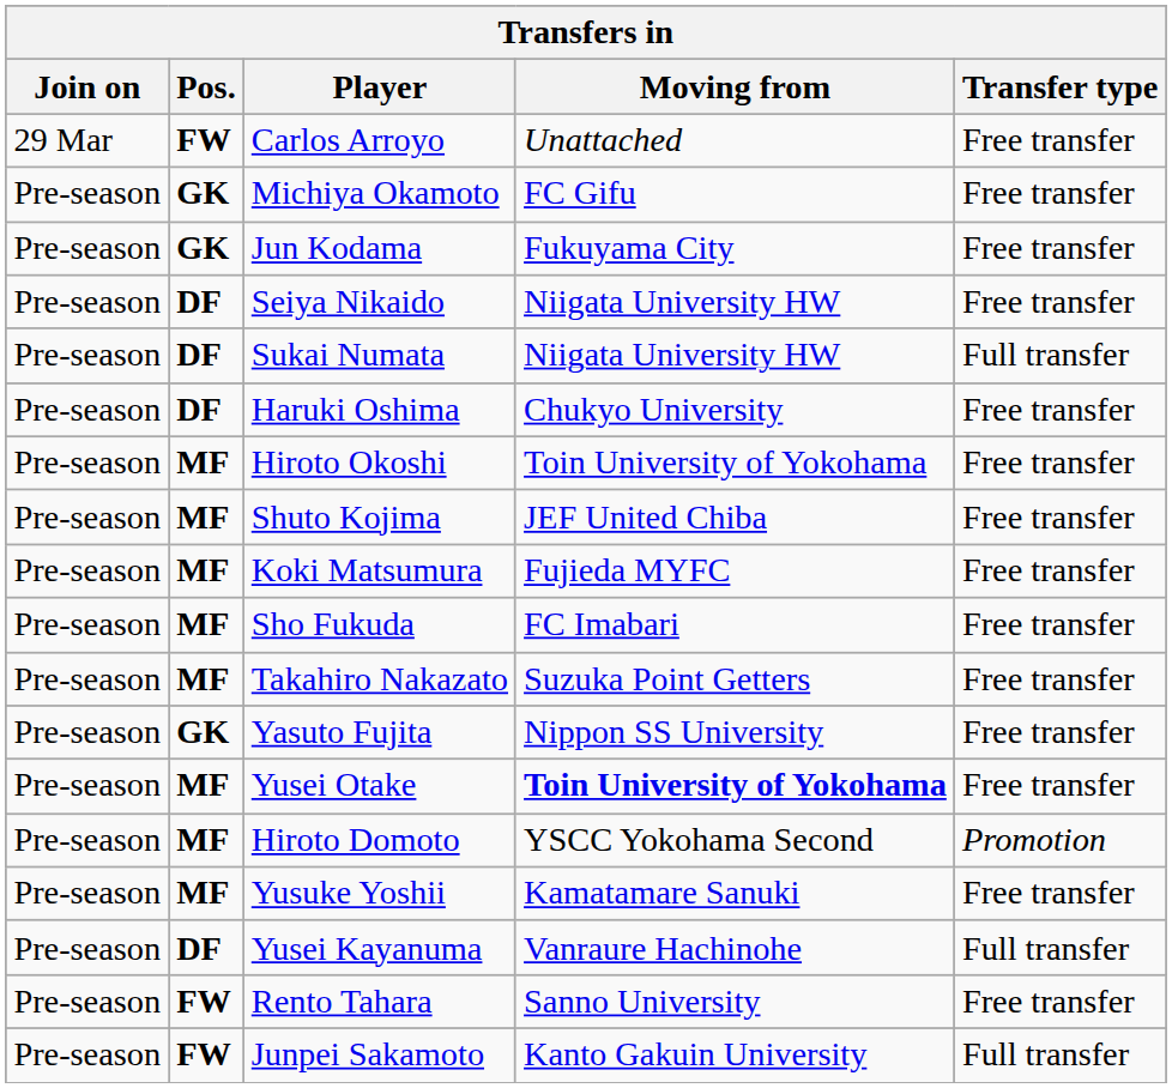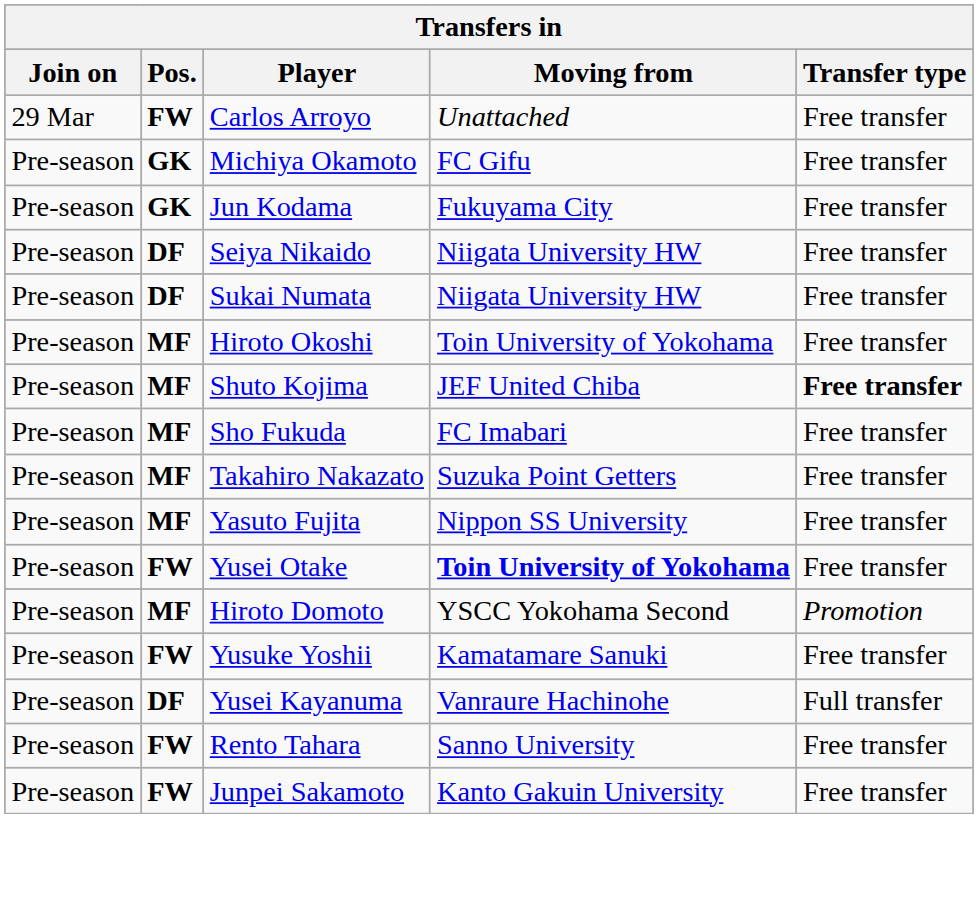 <table class="wikitable sortable" style=“text-align:left;>
 <tr>
 <th colspan="5">Transfers in</th>
 </tr>
 <tr>
 <th>Join on</th>
 <th>Pos.</th>
 <th>Player</th>
 <th>Moving from</th>
 <th>Transfer type</th>
 </tr>
 <tr>
 <td>29 Mar</td>
 <td><strong>FW</strong></td>
 <td> <a href='#'>Carlos Arroyo</a></td>
 <td><em>Unattached</em></td>
 <td>Free transfer</td>
 </tr>
 <tr>
 <td>Pre-season</td>
 <td><strong>GK</strong></td>
 <td> <a href='#'>Michiya Okamoto</a></td>
 <td> <a href='#'>FC Gifu</a></td>
 <td>Free transfer</td>
 </tr>
 <tr>
 <td>Pre-season</td>
 <td><strong>GK</strong></td>
 <td> <a href='#'>Jun Kodama</a></td>
 <td> <a href='#'>Fukuyama City</a></td>
 <td>Free transfer</td>
 </tr>
 <tr>
 <td>Pre-season</td>
 <td><strong>DF</strong></td>
 <td> <a href='#'>Seiya Nikaido</a></td>
 <td> <a href='#'>Niigata University HW</a></td>
 <td>Free transfer</td>
 </tr>
 <tr>
 <td>Pre-season</td>
 <td><strong>DF</strong></td>
 <td> <a href='#'>Sukai Numata</a></td>
 <td> <a href='#'>Niigata University HW</a></td>
-<td>Full transfer</td>
-</tr>
-<tr>
-<td>Pre-season</td>
-<td><strong>DF</strong></td>
-<td> <a href='#'>Haruki Oshima</a></td>
-<td> <a href='#'>Chukyo University</a></td>
 <td>Free transfer</td>
 </tr>
 <tr>
 <td>Pre-season</td>
 <td><strong>MF</strong></td>
 <td> <a href='#'>Hiroto Okoshi</a></td>
 <td> <a href='#'>Toin University of Yokohama</a></td>
 <td>Free transfer</td>
 </tr>
 <tr>
 <td>Pre-season</td>
 <td><strong>MF</strong></td>
 <td> <a href='#'>Shuto Kojima</a></td>
 <td> <a href='#'>JEF United Chiba</a></td>
-<td>Free transfer</td>
-</tr>
-<tr>
-<td>Pre-season</td>
-<td><strong>MF</strong></td>
-<td> <a href='#'>Koki Matsumura</a></td>
-<td> <a href='#'>Fujieda MYFC</a></td>
-<td>Free transfer</td>
+<td><strong>Free transfer</strong></td>
 </tr>
 <tr>
 <td>Pre-season</td>
 <td><strong>MF</strong></td>
 <td> <a href='#'>Sho Fukuda</a></td>
 <td> <a href='#'>FC Imabari</a></td>
 <td>Free transfer</td>
 </tr>
 <tr>
 <td>Pre-season</td>
 <td><strong>MF</strong></td>
 <td> <a href='#'>Takahiro Nakazato</a></td>
 <td> <a href='#'>Suzuka Point Getters</a></td>
 <td>Free transfer</td>
 </tr>
 <tr>
 <td>Pre-season</td>
-<td><strong>GK</strong></td>
+<td><strong>MF</strong></td>
 <td> <a href='#'>Yasuto Fujita</a></td>
 <td> <a href='#'>Nippon SS University</a></td>
 <td>Free transfer</td>
 </tr>
 <tr>
 <td>Pre-season</td>
-<td><strong>MF</strong></td>
+<td><strong>FW</strong></td>
 <td> <a href='#'>Yusei Otake</a></td>
 <td><strong> <a href='#'>Toin University of Yokohama</a></strong></td>
 <td>Free transfer</td>
 </tr>
 <tr>
 <td>Pre-season</td>
 <td><strong>MF</strong></td>
 <td> <a href='#'>Hiroto Domoto</a></td>
 <td>YSCC Yokohama Second</td>
 <td><em>Promotion</em></td>
 </tr>
 <tr>
 <td>Pre-season</td>
-<td><strong>MF</strong></td>
+<td><strong>FW</strong></td>
 <td> <a href='#'>Yusuke Yoshii</a></td>
 <td> <a href='#'>Kamatamare Sanuki</a></td>
 <td>Free transfer</td>
 </tr>
 <tr>
 <td>Pre-season</td>
 <td><strong>DF</strong></td>
 <td> <a href='#'>Yusei Kayanuma</a></td>
 <td> <a href='#'>Vanraure Hachinohe</a></td>
 <td>Full transfer</td>
 </tr>
 <tr>
 <td>Pre-season</td>
 <td><strong>FW</strong></td>
 <td> <a href='#'>Rento Tahara</a></td>
 <td> <a href='#'>Sanno University</a></td>
 <td>Free transfer</td>
 </tr>
 <tr>
 <td>Pre-season</td>
 <td><strong>FW</strong></td>
 <td> <a href='#'>Junpei Sakamoto</a></td>
 <td> <a href='#'>Kanto Gakuin University</a></td>
-<td>Full transfer</td>
+<td>Free transfer</td>
 </tr>
 <tr>
 </tr>
 </table>
